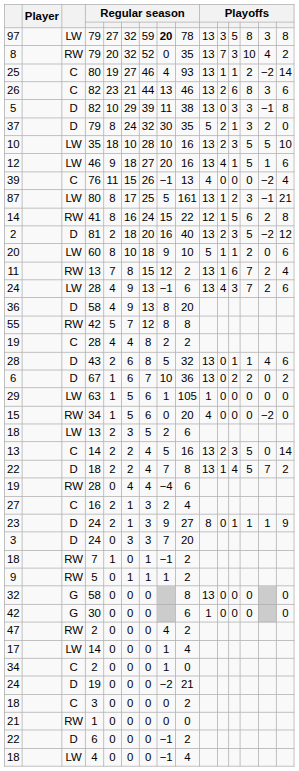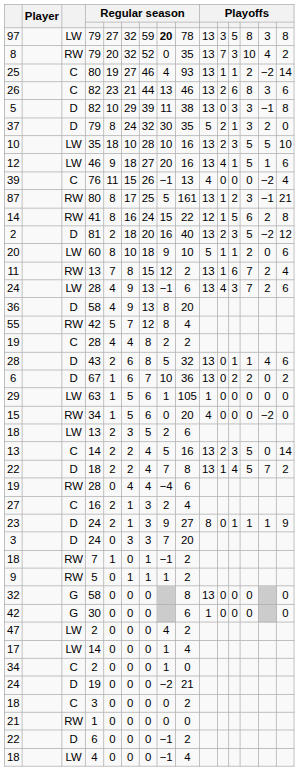 <table class="wikitable sortable plainrowheaders" style="text-align:center;">
 <tr>
 <th scope="col" data-sort-type="number" rowspan="2"></th>
 <th scope="col" rowspan="2">Player</th>
 <th scope="col" rowspan="2"></th>
 <th scope=colgroup colspan=6>Regular season</th>
 <th scope=colgroup colspan=6>Playoffs</th>
 </tr>
 <tr>
 <th scope="col" data-sort-type="number"></th>
 <th scope="col" data-sort-type="number"></th>
 <th scope="col" data-sort-type="number"></th>
 <th scope="col" data-sort-type="number"></th>
 <th scope="col" data-sort-type="number"></th>
 <th scope="col" data-sort-type="number"></th>
 <th scope="col" data-sort-type="number"></th>
 <th scope="col" data-sort-type="number"></th>
 <th scope="col" data-sort-type="number"></th>
 <th scope="col" data-sort-type="number"></th>
 <th scope="col" data-sort-type="number"></th>
 <th scope="col" data-sort-type="number"></th>
 </tr>
 <tr>
 <td scope="row">97</td>
 <td align="left"></td>
 <td>LW</td>
 <td>79</td>
 <td>27</td>
 <td>32</td>
 <td>59</td>
 <td><strong>20</strong></td>
 <td>78</td>
 <td>13</td>
 <td>3</td>
 <td>5</td>
 <td>8</td>
 <td>3</td>
 <td>8</td>
 </tr>
 <tr>
 <td scope="row">8</td>
 <td align="left"></td>
 <td>RW</td>
 <td>79</td>
 <td>20</td>
 <td>32</td>
 <td>52</td>
 <td>0</td>
 <td>35</td>
 <td>13</td>
 <td>7</td>
 <td>3</td>
 <td>10</td>
 <td>4</td>
 <td>2</td>
 </tr>
 <tr>
 <td scope="row">25</td>
 <td align="left"></td>
 <td>C</td>
 <td>80</td>
 <td>19</td>
 <td>27</td>
 <td>46</td>
 <td>4</td>
 <td>93</td>
 <td>13</td>
 <td>1</td>
 <td>1</td>
 <td>2</td>
 <td>−2</td>
 <td>14</td>
 </tr>
 <tr>
 <td scope="row">26</td>
 <td align="left"></td>
 <td>C</td>
 <td>82</td>
 <td>23</td>
 <td>21</td>
 <td>44</td>
 <td>13</td>
 <td>46</td>
 <td>13</td>
 <td>2</td>
 <td>6</td>
 <td>8</td>
 <td>3</td>
 <td>6</td>
 </tr>
 <tr>
 <td scope="row">5</td>
 <td align="left"></td>
 <td>D</td>
 <td>82</td>
 <td>10</td>
 <td>29</td>
 <td>39</td>
 <td>11</td>
 <td>38</td>
 <td>13</td>
 <td>0</td>
 <td>3</td>
 <td>3</td>
 <td>−1</td>
 <td>8</td>
 </tr>
 <tr>
 <td scope="row">37</td>
 <td align="left"></td>
 <td>D</td>
 <td>79</td>
 <td>8</td>
 <td>24</td>
 <td>32</td>
 <td>30</td>
 <td>35</td>
 <td>5</td>
 <td>2</td>
 <td>1</td>
 <td>3</td>
 <td>2</td>
 <td>0</td>
 </tr>
 <tr>
 <td scope="row">10</td>
 <td align="left"></td>
 <td>LW</td>
 <td>35</td>
 <td>18</td>
 <td>10</td>
 <td>28</td>
 <td>10</td>
 <td>16</td>
 <td>13</td>
 <td>2</td>
 <td>3</td>
 <td>5</td>
 <td>5</td>
 <td>10</td>
 </tr>
 <tr>
 <td scope="row">12</td>
 <td align="left"></td>
 <td>LW</td>
 <td>46</td>
 <td>9</td>
 <td>18</td>
 <td>27</td>
 <td>20</td>
 <td>16</td>
 <td>13</td>
 <td>4</td>
 <td>1</td>
 <td>5</td>
 <td>1</td>
 <td>6</td>
 </tr>
 <tr>
 <td scope="row">39</td>
 <td align="left"></td>
 <td>C</td>
 <td>76</td>
 <td>11</td>
 <td>15</td>
 <td>26</td>
 <td>−1</td>
 <td>13</td>
 <td>4</td>
 <td>0</td>
 <td>0</td>
 <td>0</td>
 <td>−2</td>
 <td>4</td>
 </tr>
 <tr>
 <td scope="row">87</td>
 <td align="left"></td>
-<td>LW</td>
+<td>RW</td>
 <td>80</td>
 <td>8</td>
 <td>17</td>
 <td>25</td>
 <td>5</td>
 <td>161</td>
 <td>13</td>
 <td>1</td>
 <td>2</td>
 <td>3</td>
 <td>−1</td>
 <td>21</td>
 </tr>
 <tr>
 <td scope="row">14</td>
 <td align="left"></td>
 <td>RW</td>
 <td>41</td>
 <td>8</td>
 <td>16</td>
 <td>24</td>
 <td>15</td>
 <td>22</td>
 <td>12</td>
 <td>1</td>
 <td>5</td>
 <td>6</td>
 <td>2</td>
 <td>8</td>
 </tr>
 <tr>
 <td scope="row">2</td>
 <td align="left"></td>
 <td>D</td>
 <td>81</td>
 <td>2</td>
 <td>18</td>
 <td>20</td>
 <td>16</td>
 <td>40</td>
 <td>13</td>
 <td>2</td>
 <td>3</td>
 <td>5</td>
 <td>−2</td>
 <td>12</td>
 </tr>
 <tr>
 <td scope="row">20</td>
 <td align="left"></td>
 <td>LW</td>
 <td>60</td>
 <td>8</td>
 <td>10</td>
 <td>18</td>
 <td>9</td>
 <td>10</td>
 <td>5</td>
 <td>1</td>
 <td>1</td>
 <td>2</td>
 <td>0</td>
 <td>6</td>
 </tr>
 <tr>
 <td scope="row">11</td>
 <td align="left"></td>
 <td>RW</td>
 <td>13</td>
 <td>7</td>
 <td>8</td>
 <td>15</td>
 <td>12</td>
 <td>2</td>
 <td>13</td>
 <td>1</td>
 <td>6</td>
 <td>7</td>
 <td>2</td>
 <td>4</td>
 </tr>
 <tr>
 <td scope="row">24</td>
 <td align="left"></td>
 <td>LW</td>
 <td>28</td>
 <td>4</td>
 <td>9</td>
 <td>13</td>
 <td>−1</td>
 <td>6</td>
 <td>13</td>
 <td>4</td>
 <td>3</td>
 <td>7</td>
 <td>2</td>
 <td>6</td>
 </tr>
 <tr>
 <td scope="row">36</td>
 <td align="left"></td>
 <td>D</td>
 <td>58</td>
 <td>4</td>
 <td>9</td>
 <td>13</td>
 <td>8</td>
 <td>20</td>
 <td></td>
 <td></td>
 <td></td>
 <td></td>
 <td></td>
 <td></td>
 </tr>
 <tr>
 <td scope="row">55</td>
 <td align="left"></td>
 <td>RW</td>
 <td>42</td>
 <td>5</td>
 <td>7</td>
 <td>12</td>
 <td>8</td>
-<td>8</td>
+<td>4</td>
 <td></td>
 <td></td>
 <td></td>
 <td></td>
 <td></td>
 <td></td>
 </tr>
 <tr>
 <td scope="row">19</td>
 <td align="left"></td>
 <td>C</td>
 <td>28</td>
 <td>4</td>
 <td>4</td>
 <td>8</td>
 <td>2</td>
 <td>2</td>
 <td></td>
 <td></td>
 <td></td>
 <td></td>
 <td></td>
 <td></td>
 </tr>
 <tr>
 <td scope="row">28</td>
 <td align="left"></td>
 <td>D</td>
 <td>43</td>
 <td>2</td>
 <td>6</td>
 <td>8</td>
 <td>5</td>
 <td>32</td>
 <td>13</td>
 <td>0</td>
 <td>1</td>
 <td>1</td>
 <td>4</td>
 <td>6</td>
 </tr>
 <tr>
 <td scope="row">6</td>
 <td align="left"></td>
 <td>D</td>
 <td>67</td>
 <td>1</td>
 <td>6</td>
 <td>7</td>
 <td>10</td>
 <td>36</td>
 <td>13</td>
 <td>0</td>
 <td>2</td>
 <td>2</td>
 <td>0</td>
 <td>2</td>
 </tr>
 <tr>
 <td scope="row">29</td>
 <td align="left"></td>
 <td>LW</td>
 <td>63</td>
 <td>1</td>
 <td>5</td>
 <td>6</td>
 <td>1</td>
 <td>105</td>
 <td>1</td>
 <td>0</td>
 <td>0</td>
 <td>0</td>
 <td>0</td>
 <td>0</td>
 </tr>
 <tr>
 <td scope="row">15</td>
 <td align="left"></td>
 <td>RW</td>
 <td>34</td>
 <td>1</td>
 <td>5</td>
 <td>6</td>
 <td>0</td>
 <td>20</td>
 <td>4</td>
 <td>0</td>
 <td>0</td>
 <td>0</td>
 <td>−2</td>
 <td>0</td>
 </tr>
 <tr>
 <td scope="row">18</td>
 <td align="left"></td>
 <td>LW</td>
 <td>13</td>
 <td>2</td>
 <td>3</td>
 <td>5</td>
 <td>2</td>
 <td>6</td>
 <td></td>
 <td></td>
 <td></td>
 <td></td>
 <td></td>
 <td></td>
 </tr>
 <tr>
 <td scope="row">13</td>
 <td align="left"></td>
 <td>C</td>
 <td>14</td>
 <td>2</td>
 <td>2</td>
 <td>4</td>
 <td>5</td>
 <td>16</td>
 <td>13</td>
 <td>2</td>
 <td>3</td>
 <td>5</td>
 <td>0</td>
 <td>14</td>
 </tr>
 <tr>
 <td scope="row">22</td>
 <td align="left"></td>
 <td>D</td>
 <td>18</td>
 <td>2</td>
 <td>2</td>
 <td>4</td>
 <td>7</td>
 <td>8</td>
 <td>13</td>
 <td>1</td>
 <td>4</td>
 <td>5</td>
 <td>7</td>
 <td>2</td>
 </tr>
 <tr>
 <td scope="row">19</td>
 <td align="left"></td>
 <td>RW</td>
 <td>28</td>
 <td>0</td>
 <td>4</td>
 <td>4</td>
 <td>−4</td>
 <td>6</td>
 <td></td>
 <td></td>
 <td></td>
 <td></td>
 <td></td>
 <td></td>
 </tr>
 <tr>
 <td scope="row">27</td>
 <td align="left"></td>
 <td>C</td>
 <td>16</td>
 <td>2</td>
 <td>1</td>
 <td>3</td>
 <td>2</td>
 <td>4</td>
 <td></td>
 <td></td>
 <td></td>
 <td></td>
 <td></td>
 <td></td>
 </tr>
 <tr>
 <td scope="row">23</td>
 <td align="left"></td>
 <td>D</td>
 <td>24</td>
 <td>2</td>
 <td>1</td>
 <td>3</td>
 <td>9</td>
 <td>27</td>
 <td>8</td>
 <td>0</td>
 <td>1</td>
 <td>1</td>
 <td>1</td>
 <td>9</td>
 </tr>
 <tr>
 <td scope="row">3</td>
 <td align="left"></td>
 <td>D</td>
 <td>24</td>
 <td>0</td>
 <td>3</td>
 <td>3</td>
 <td>7</td>
 <td>20</td>
 <td></td>
 <td></td>
 <td></td>
 <td></td>
 <td></td>
 <td></td>
 </tr>
 <tr>
 <td scope="row">18</td>
 <td align="left"></td>
 <td>RW</td>
 <td>7</td>
 <td>1</td>
 <td>0</td>
 <td>1</td>
 <td>−1</td>
 <td>2</td>
 <td></td>
 <td></td>
 <td></td>
 <td></td>
 <td></td>
 <td></td>
 </tr>
 <tr>
 <td scope="row">9</td>
 <td align="left"></td>
 <td>RW</td>
 <td>5</td>
 <td>0</td>
 <td>1</td>
 <td>1</td>
 <td>1</td>
 <td>2</td>
 <td></td>
 <td></td>
 <td></td>
 <td></td>
 <td></td>
 <td></td>
 </tr>
 <tr>
 <td scope="row">32</td>
 <td align="left"></td>
 <td>G</td>
 <td>58</td>
 <td>0</td>
 <td>0</td>
 <td>0</td>
 <td style="background:#ccc"></td>
 <td>8</td>
 <td>13</td>
 <td>0</td>
 <td>0</td>
 <td>0</td>
 <td style="background:#ccc"></td>
 <td>0</td>
 </tr>
 <tr>
 <td scope="row">42</td>
 <td align="left"></td>
 <td>G</td>
 <td>30</td>
 <td>0</td>
 <td>0</td>
 <td>0</td>
 <td style="background:#ccc"></td>
 <td>6</td>
 <td>1</td>
 <td>0</td>
 <td>0</td>
 <td>0</td>
 <td style="background:#ccc"></td>
 <td>0</td>
 </tr>
 <tr>
 <td scope="row">47</td>
 <td align="left"></td>
-<td>RW</td>
+<td>LW</td>
 <td>2</td>
 <td>0</td>
 <td>0</td>
 <td>0</td>
 <td>4</td>
 <td>2</td>
 <td></td>
 <td></td>
 <td></td>
 <td></td>
 <td></td>
 <td></td>
 </tr>
 <tr>
 <td scope="row">17</td>
 <td align="left"></td>
 <td>LW</td>
 <td>14</td>
 <td>0</td>
 <td>0</td>
 <td>0</td>
 <td>1</td>
 <td>4</td>
 <td></td>
 <td></td>
 <td></td>
 <td></td>
 <td></td>
 <td></td>
 </tr>
 <tr>
 <td scope="row">34</td>
 <td align="left"></td>
 <td>C</td>
 <td>2</td>
 <td>0</td>
 <td>0</td>
 <td>0</td>
 <td>1</td>
 <td>0</td>
 <td></td>
 <td></td>
 <td></td>
 <td></td>
 <td></td>
 <td></td>
 </tr>
 <tr>
 <td scope="row">24</td>
 <td align="left"></td>
 <td>D</td>
 <td>19</td>
 <td>0</td>
 <td>0</td>
 <td>0</td>
 <td>−2</td>
 <td>21</td>
 <td></td>
 <td></td>
 <td></td>
 <td></td>
 <td></td>
 <td></td>
 </tr>
 <tr>
 <td scope="row">18</td>
 <td align="left"></td>
 <td>C</td>
 <td>3</td>
 <td>0</td>
 <td>0</td>
 <td>0</td>
 <td>0</td>
 <td>2</td>
 <td></td>
 <td></td>
 <td></td>
 <td></td>
 <td></td>
 <td></td>
 </tr>
 <tr>
 <td scope="row">21</td>
 <td align="left"></td>
 <td>RW</td>
 <td>1</td>
 <td>0</td>
 <td>0</td>
 <td>0</td>
 <td>0</td>
 <td>0</td>
 <td></td>
 <td></td>
 <td></td>
 <td></td>
 <td></td>
 <td></td>
 </tr>
 <tr>
 <td scope="row">22</td>
 <td align="left"></td>
 <td>D</td>
 <td>6</td>
 <td>0</td>
 <td>0</td>
 <td>0</td>
 <td>−1</td>
 <td>2</td>
 <td></td>
 <td></td>
 <td></td>
 <td></td>
 <td></td>
 <td></td>
 </tr>
 <tr>
 <td scope="row">18</td>
 <td align="left"></td>
 <td>LW</td>
 <td>4</td>
 <td>0</td>
 <td>0</td>
 <td>0</td>
 <td>−1</td>
 <td>4</td>
 <td></td>
 <td></td>
 <td></td>
 <td></td>
 <td></td>
 <td></td>
 </tr>
 </table>
